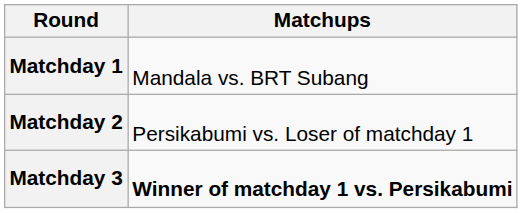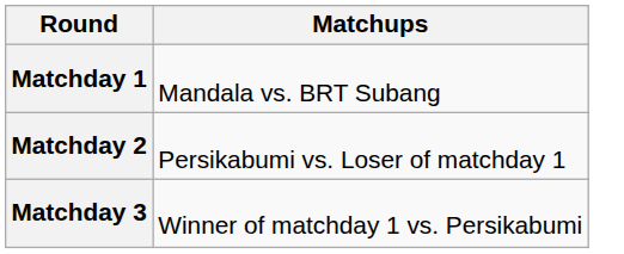 <table class=wikitable>
 <tr>
 <th>Round</th>
 <th>Matchups</th>
 </tr>
 <tr>
 <th>Matchday 1</th>
 <td><br>Mandala vs. BRT Subang</td>
 </tr>
 <tr>
 <th>Matchday 2</th>
 <td><br>Persikabumi vs. Loser of matchday 1</td>
 </tr>
 <tr>
 <th>Matchday 3</th>
-<td><strong><br>Winner of matchday 1 vs. Persikabumi</strong></td>
+<td><br>Winner of matchday 1 vs. Persikabumi</td>
 </tr>
 </table>
